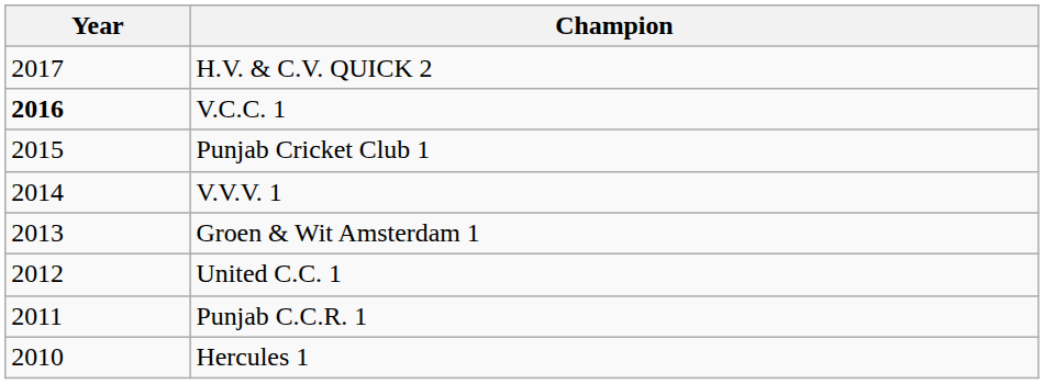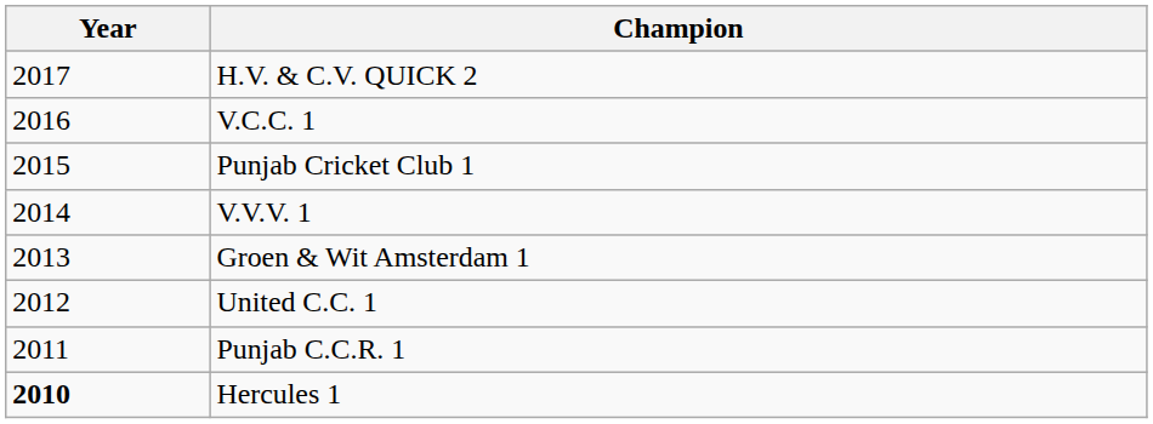 <table class="wikitable" width="50%" align="center">
 <tr>
 <th>Year</th>
 <th>Champion</th>
 </tr>
 <tr>
 <td>2017</td>
 <td>H.V. & C.V. QUICK 2</td>
 </tr>
 <tr>
-<td><strong>2016</strong></td>
+<td>2016</td>
 <td>V.C.C. 1</td>
 </tr>
 <tr>
 <td>2015</td>
 <td>Punjab Cricket Club 1</td>
 </tr>
 <tr>
 <td>2014</td>
 <td>V.V.V. 1</td>
 </tr>
 <tr>
 <td>2013</td>
 <td>Groen & Wit Amsterdam 1</td>
 </tr>
 <tr>
 <td>2012</td>
 <td>United C.C. 1</td>
 </tr>
 <tr>
 <td>2011</td>
 <td>Punjab C.C.R. 1</td>
 </tr>
 <tr>
-<td>2010</td>
+<td><strong>2010</strong></td>
 <td>Hercules 1</td>
 </tr>
 </table>
